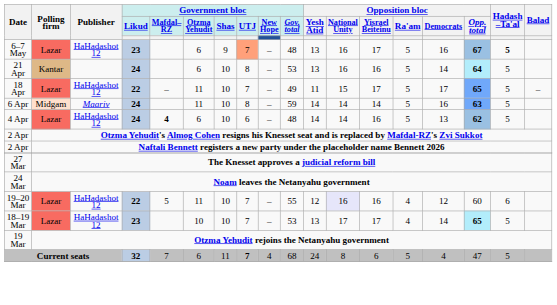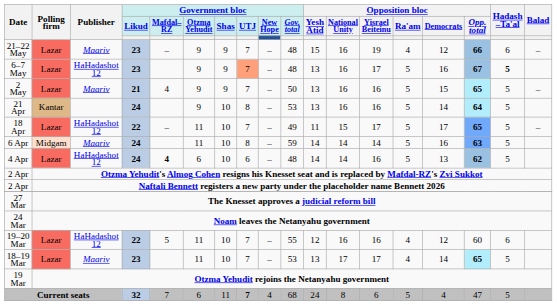 <table class="wikitable sortable" style="text-align:center;font-size:90%;line-height:12px">
 <tr>
 <th rowspan="3">Date</th>
 <th rowspan="3">Polling firm</th>
 <th rowspan="3">Publisher</th>
 <th colspan="7" style="background:#cee;"><a href='#'>Government bloc</a></th>
 <th colspan="6"><a href='#'>Opposition bloc</a></th>
 <th rowspan="2"><a href='#'>Hadash<br>–Ta'al</a></th>
 <th rowspan="2"><a href='#'>Balad</a></th>
 </tr>
 <tr>
 <th style="background:#cee"><a href='#'>Likud</a></th>
 <th style="background:#cee;font-size:90%"><a href='#'>Mafdal–<br>RZ</a></th>
 <th style="background:#cee;font-size:90%"><a href='#'>Otzma<br>Yehudit</a></th>
 <th style="background:#cee"><a href='#'>Shas</a></th>
 <th style="background:#cee"><a href='#'>UTJ</a></th>
 <th style="background:#cee;font-size:90%"><a href='#'>New<br>Hope</a></th>
 <th style="background:#cee;font-size:90%"><a href='#'><em>Gov. total</em></a></th>
 <th><a href='#'>Yesh<br>Atid</a></th>
 <th style="font-size:90%"><a href='#'>National<br>Unity</a></th>
 <th style="font-size:90%"><a href='#'>Yisrael<br>Beiteinu</a></th>
 <th><a href='#'>Ra'am</a></th>
 <th style="font-size:90%"><a href='#'>Democrats</a></th>
 <th><a href='#'><em>Opp. total</em></a></th>
 </tr>
 <tr>
 <th style="background:"></th>
 <th style="background:"></th>
 <th style="background:"></th>
 <th style="background:"></th>
 <th style="background:"></th>
 <th style="background:#235298"></th>
 <th style="background:"></th>
 <th style="background:"></th>
 <th style="background:"></th>
 <th style="background:"></th>
 <th style="background:"></th>
 <th style="background:"></th>
 <th style="background:"></th>
 <th style="background:"></th>
 <th style="background:"></th>
 </tr>
 <tr>
+<td data-sort-value=2025-05-22>21–22 May</td>
+<td style=background:#F86B61>Lazar</td>
+<td><em><a href='#'>Maariv</a></em></td>
+<td style=background:#BBCDE4><strong>23</strong></td>
+<td>–                 </td>
+<td>9                 </td>
+<td>9                  </td>
+<td>7                  </td>
+<td>–                 </td>
+<td>48                  </td>
+<td>15                 </td>
+<td>16                 </td>
+<td>19                 </td>
+<td>4                  </td>
+<td>12                 </td>
+<td style=background:#9ac0e2><strong>66</strong></td>
+<td>6                  </td>
+<td>–   </td>
+</tr>
+<tr>
 <td data-sort-value=2025-05-07>6–7 May</td>
 <td style=background:#F86B61>Lazar</td>
 <td><a href='#'>HaHadashot 12</a></td>
 <td style=background:#BBCDE4><strong>23</strong></td>
 <td>                  </td>
-<td>6                 </td>
+<td>9                 </td>
 <td>9                  </td>
 <td style="background: lightsalmon;">7                  </td>
 <td>–                 </td>
 <td>48                  </td>
 <td>13                 </td>
 <td>16                 </td>
 <td>17                 </td>
 <td>5                  </td>
 <td>16                 </td>
 <td style=background:#9ac0e2><strong>67</strong></td>
 <td><strong>5                  </strong></td>
 <td>   </td>
 </tr>
 <tr>
+<td data-sort-value=2025-05-02>2 May</td>
+<td style=background:#F86B61>Lazar</td>
+<td><em><a href='#'>Maariv</a></em></td>
+<td style=background:#BBCDE4><strong>21</strong></td>
+<td>4	</td>
+<td>9                 </td>
+<td>9                  </td>
+<td>7                  </td>
+<td>–                  </td>
+<td>50                  </td>
+<td>13                 </td>
+<td>16                 </td>
+<td>16                 </td>
+<td>5                  </td>
+<td>15                 </td>
+<td style=background:#B2EDFB><strong>65</strong></td>
+<td>5                  </td>
+<td>–   </td>
+</tr>
+<tr>
 <td data-sort-value=2025-04-21>21 Apr</td>
 <td style=background:burlywood>Kantar</td>
 <td></td>
 <td style=background:#BBCDE4><strong>24</strong></td>
 <td>	</td>
-<td>6                 </td>
+<td>9                 </td>
 <td>10                 </td>
 <td>8                  </td>
 <td>–                  </td>
 <td>53                  </td>
 <td>13                 </td>
 <td>16                 </td>
 <td>16                 </td>
 <td>5                  </td>
 <td>14                 </td>
 <td style=background:#B2EDFB><strong>64</strong></td>
 <td>5                  </td>
 <td>   </td>
 </tr>
 <tr>
 <td data-sort-value=2025-04-18>18 Apr</td>
 <td style=background:#F86B61>Lazar</td>
 <td><a href='#'>HaHadashot 12</a></td>
 <td style=background:#BBCDE4><strong>22</strong></td>
 <td>–	</td>
 <td>11                 </td>
 <td>10                  </td>
 <td>7                  </td>
 <td>–                  </td>
 <td>49                  </td>
 <td>11                 </td>
 <td>15                 </td>
 <td>17                 </td>
 <td>5                  </td>
 <td>17                 </td>
 <td style=background:#70a8fa><strong>65</strong></td>
 <td>5                  </td>
 <td>–   </td>
 </tr>
 <tr>
 <td data-sort-value=2025-04-06>6 Apr</td>
 <td style=background:#FFDFCC>Midgam</td>
 <td><em><a href='#'>Maariv</a></em></td>
 <td style=background:#BBCDE4><strong>24</strong></td>
 <td>	</td>
 <td>11                 </td>
 <td>10                 </td>
 <td>8                  </td>
 <td>–                  </td>
 <td>59                 </td>
 <td>14                 </td>
 <td>14                 </td>
 <td>14                 </td>
 <td>5                  </td>
 <td>16                 </td>
 <td style=background:#70a8fa><strong>63</strong></td>
 <td>5                  </td>
 <td>   </td>
 </tr>
 <tr>
 <td data-sort-value=2025-04-04>4 Apr</td>
 <td style=background:#F86B61>Lazar</td>
 <td><a href='#'>HaHadashot 12</a></td>
 <td style=background:#BBCDE4><strong>24</strong></td>
 <td><strong>4					</strong></td>
 <td>6                  </td>
 <td>10                 </td>
 <td>6                  </td>
 <td>–                  </td>
 <td>48                 </td>
 <td>14                 </td>
 <td>14                 </td>
 <td>16                 </td>
 <td>5                  </td>
 <td>13                 </td>
 <td style=background:#9ac0e2><strong>62</strong></td>
 <td>5                  </td>
 <td>   </td>
 </tr>
 <tr>
 <td data-sort-value=2025-04-02>2 Apr</td>
 <td colspan="17"><strong><a href='#'>Otzma Yehudit</a>'s <a href='#'>Almog Cohen</a> resigns his Knesset seat and is replaced by <a href='#'>Mafdal-RZ</a>'s <a href='#'>Zvi Sukkot</a></strong></td>
 </tr>
 <tr>
 <td data-sort-value=2025-04-02>2 Apr</td>
 <td colspan="17"><strong><a href='#'>Naftali Bennett</a> registers a new party under the placeholder name Bennett 2026</strong></td>
 </tr>
 <tr>
 </tr>
 <tr>
 <td data-sort-value=2025-03-27>27 Mar</td>
 <td colspan="17"><strong>The Knesset approves a <a href='#'>judicial reform bill</a></strong></td>
 </tr>
 <tr>
 <td data-sort-value=2025-03-24>24 Mar</td>
 <td colspan="17"><strong><a href='#'>Noam</a> leaves the Netanyahu government</strong></td>
 </tr>
 <tr>
 <td data-sort-value=2025-03-19>19–20 Mar</td>
 <td style=background:#F86B61>Lazar</td>
 <td><a href='#'>HaHadashot 12</a></td>
 <td style=background:#BBCDE4><strong>22</strong></td>
 <td>5					</td>
 <td>11                 </td>
 <td>10                 </td>
 <td>7                  </td>
 <td>–                  </td>
 <td>55                 </td>
 <td>12                 </td>
-<td style="background: lavender;">16                 </td>
+<td>16                 </td>
 <td>16                 </td>
 <td>4                  </td>
 <td>12                 </td>
 <td>60	                </td>
 <td>6                  </td>
 <td>   </td>
 </tr>
 <tr>
 <td data-sort-value=2025-03-18>18–19 Mar</td>
 <td style=background:#F86B61>Lazar</td>
-<td><a href='#'>HaHadashot 12</a></td>
+<td><a href='#'><em>Maariv</em></a></td>
 <td style=background:#BBCDE4><strong>23</strong></td>
 <td>	</td>
-<td>10                 </td>
+<td>11                 </td>
 <td>10                 </td>
 <td>7                  </td>
 <td>–                  </td>
 <td>53                 </td>
 <td>13                 </td>
 <td>17                 </td>
 <td>17                 </td>
 <td>4                  </td>
 <td>14                 </td>
 <td style=background:#B2EDFB><strong>65</strong></td>
 <td>5                  </td>
 <td>   </td>
 </tr>
 <tr>
 <td data-sort-value=2025-03-19>19 Mar</td>
 <td colspan="17"><strong><a href='#'>Otzma Yehudit</a> rejoins the Netanyahu government</strong></td>
 </tr>
 <tr>
 <td colspan=3 style=background:#c0c0c0><strong>Current seats</strong></td>
 <td style=background:#BBCDE4><strong>32</strong> </td>
 <td style=background:#c0c0c0>7  </td>
 <td style=background:#c0c0c0>6   </td>
 <td style=background:#c0c0c0>11  </td>
 <td style=background:#c0c0c0><strong>7 </strong></td>
 <td style=background:#c0c0c0>4  </td>
 <td style=background:#c0c0c0>68  </td>
 <td style=background:#c0c0c0>24 </td>
 <td style=background:#c0c0c0>8  </td>
 <td style=background:#c0c0c0>6  </td>
 <td style=background:#c0c0c0>5  </td>
 <td style=background:#c0c0c0>4  </td>
 <td style=background:#c0c0c0>47 </td>
 <td style=background:#c0c0c0>5  </td>
 <td style=background:#c0c0c0></td>
 </tr>
 <tr>
 </tr>
 </table>
